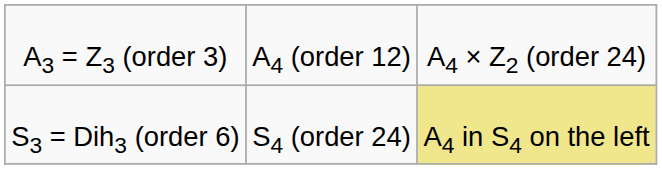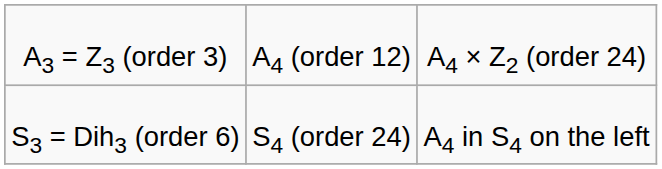 <table class=wikitable>
 <tr align=center valign=top>
 <td><br>A<sub>3</sub> = Z<sub>3</sub> (order 3)</td>
 <td><br>A<sub>4</sub> (order 12)</td>
 <td><br>A<sub>4</sub> × Z<sub>2</sub> (order 24)</td>
 </tr>
 <tr align=center valign=top>
 <td><br>S<sub>3</sub> = Dih<sub>3</sub> (order 6)</td>
 <td><br>S<sub>4</sub> (order 24)</td>
-<td style="background: khaki;"><br>A<sub>4</sub> in S<sub>4</sub> on the left</td>
+<td><br>A<sub>4</sub> in S<sub>4</sub> on the left</td>
 </tr>
 </table>
